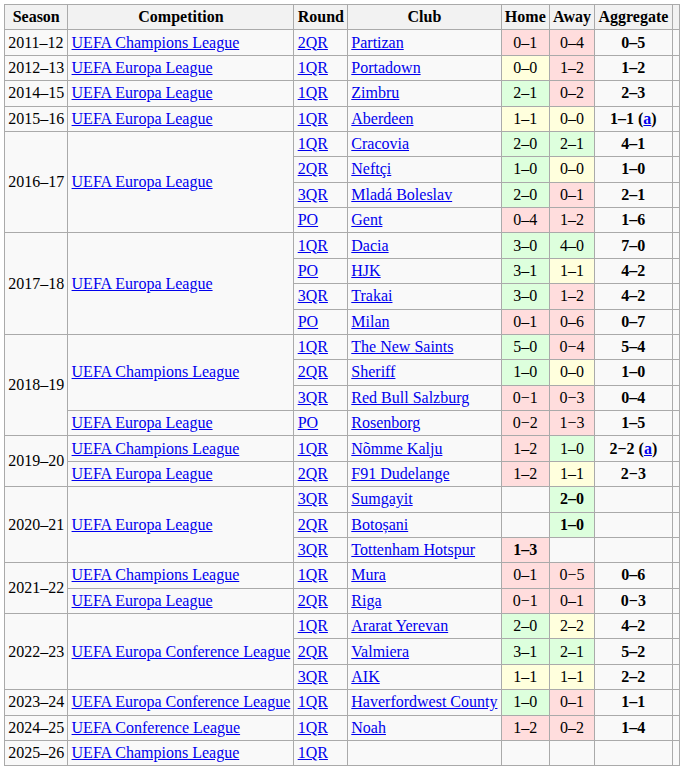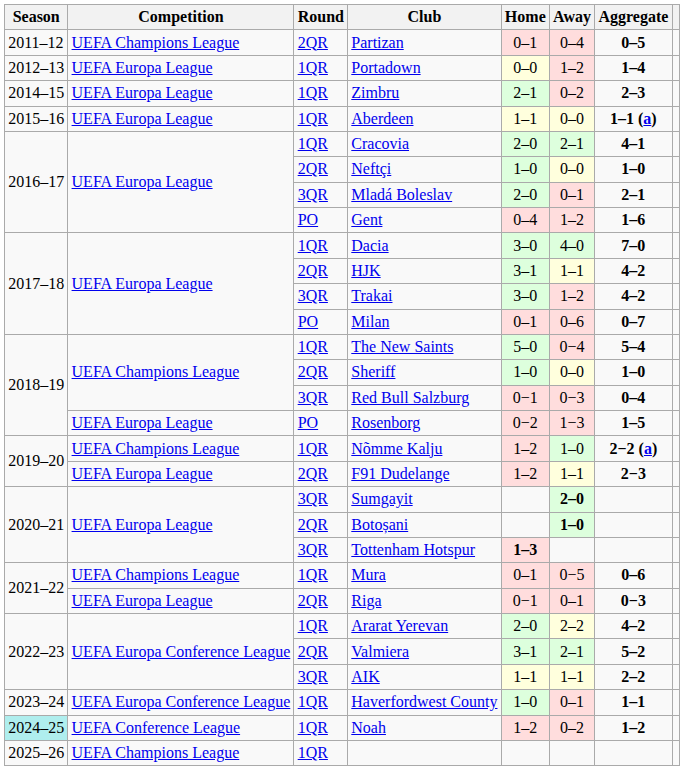 <table class="wikitable">
 <tr>
 <th>Season</th>
 <th>Competition</th>
 <th>Round</th>
 <th>Club</th>
 <th>Home</th>
 <th>Away</th>
 <th>Aggregate</th>
 <th></th>
 </tr>
 <tr>
 <td>2011–12</td>
 <td><a href='#'>UEFA Champions League</a></td>
 <td><a href='#'>2QR</a></td>
 <td> <a href='#'>Partizan</a></td>
 <td style="text-align:center; background:#fdd;">0–1</td>
 <td style="text-align:center; background:#fdd;">0–4</td>
 <td style="text-align:center;"><strong>0–5</strong></td>
 <td></td>
 </tr>
 <tr>
 <td>2012–13</td>
 <td><a href='#'>UEFA Europa League</a></td>
 <td><a href='#'>1QR</a></td>
 <td> <a href='#'>Portadown</a></td>
 <td style="text-align:center; background:#ffd;">0–0</td>
 <td style="text-align:center; background:#fdd;">1–2</td>
-<td style="text-align:center;"><strong>1–2</strong></td>
+<td style="text-align:center;"><strong>1–4</strong></td>
 <td></td>
 </tr>
 <tr>
 <td>2014–15</td>
 <td><a href='#'>UEFA Europa League</a></td>
 <td><a href='#'>1QR</a></td>
 <td> <a href='#'>Zimbru</a></td>
 <td style="text-align:center; background:#dfd;">2–1</td>
 <td style="text-align:center; background:#fdd;">0–2</td>
 <td style="text-align:center;"><strong>2–3</strong></td>
 <td></td>
 </tr>
 <tr>
 <td>2015–16</td>
 <td><a href='#'>UEFA Europa League</a></td>
 <td><a href='#'>1QR</a></td>
 <td> <a href='#'>Aberdeen</a></td>
 <td style="text-align:center; background:#ffd;">1–1</td>
 <td style="text-align:center; background:#ffd;">0–0</td>
 <td style="text-align:center;"><strong>1–1 (<a href='#'>a</a>)</strong></td>
 <td></td>
 </tr>
 <tr>
 <td rowspan="4">2016–17</td>
 <td rowspan="4"><a href='#'>UEFA Europa League</a></td>
 <td><a href='#'>1QR</a></td>
 <td> <a href='#'>Cracovia</a></td>
 <td style="text-align:center; background:#dfd;">2–0</td>
 <td style="text-align:center; background:#dfd;">2–1</td>
 <td style="text-align:center;"><strong>4–1</strong></td>
 <td></td>
 </tr>
 <tr>
 <td><a href='#'>2QR</a></td>
 <td> <a href='#'>Neftçi</a></td>
 <td style="text-align:center; background:#dfd;">1–0</td>
 <td style="text-align:center; background:#ffd;">0–0</td>
 <td style="text-align:center;"><strong>1–0</strong></td>
 <td></td>
 </tr>
 <tr>
 <td><a href='#'>3QR</a></td>
 <td> <a href='#'>Mladá Boleslav</a></td>
 <td style="text-align:center; background:#dfd;">2–0</td>
 <td style="text-align:center; background:#fdd;">0–1</td>
 <td style="text-align:center;"><strong>2–1</strong></td>
 <td></td>
 </tr>
 <tr>
 <td><a href='#'>PO</a></td>
 <td> <a href='#'>Gent</a></td>
 <td style="text-align:center; background:#fdd;">0–4</td>
 <td style="text-align:center; background:#fdd;">1–2</td>
 <td style="text-align:center;"><strong>1–6</strong></td>
 <td></td>
 </tr>
 <tr>
 <td rowspan="4">2017–18</td>
 <td rowspan="4"><a href='#'>UEFA Europa League</a></td>
 <td><a href='#'>1QR</a></td>
 <td> <a href='#'>Dacia</a></td>
 <td style="text-align:center; background:#dfd;">3–0</td>
 <td style="text-align:center; background:#dfd;">4–0</td>
 <td style="text-align:center;"><strong>7–0</strong></td>
 <td></td>
 </tr>
 <tr>
-<td><a href='#'>PO</a></td>
+<td><a href='#'>2QR</a></td>
 <td> <a href='#'>HJK</a></td>
 <td style="text-align:center; background:#dfd;">3–1</td>
 <td style="text-align:center; background:#ffd;">1–1</td>
 <td style="text-align:center;"><strong>4–2</strong></td>
 <td></td>
 </tr>
 <tr>
 <td><a href='#'>3QR</a></td>
 <td> <a href='#'>Trakai</a></td>
 <td style="text-align:center; background:#dfd;">3–0</td>
 <td style="text-align:center; background:#fdd;">1–2</td>
 <td style="text-align:center;"><strong>4–2</strong></td>
 <td></td>
 </tr>
 <tr>
 <td><a href='#'>PO</a></td>
 <td> <a href='#'>Milan</a></td>
 <td style="text-align:center; background:#fdd;">0–1</td>
 <td style="text-align:center; background:#fdd;">0–6</td>
 <td style="text-align:center;"><strong>0–7</strong></td>
 <td></td>
 </tr>
 <tr>
 <td rowspan="4">2018–19</td>
 <td rowspan="3"><a href='#'>UEFA Champions League</a></td>
 <td><a href='#'>1QR</a></td>
 <td> <a href='#'>The New Saints</a></td>
 <td style="text-align:center; background:#dfd;">5–0</td>
 <td style="text-align:center; background:#fdd;">0−4</td>
 <td style="text-align:center;"><strong>5–4</strong></td>
 <td></td>
 </tr>
 <tr>
 <td><a href='#'>2QR</a></td>
 <td> <a href='#'>Sheriff</a></td>
 <td style="text-align:center; background:#dfd;">1–0</td>
 <td style="text-align:center; background:#ffd;">0–0</td>
 <td style="text-align:center;"><strong>1–0</strong></td>
 <td></td>
 </tr>
 <tr>
 <td><a href='#'>3QR</a></td>
 <td> <a href='#'>Red Bull Salzburg</a></td>
 <td style="text-align:center; background:#fdd;">0−1</td>
 <td style="text-align:center; background:#fdd;">0−3</td>
 <td style="text-align:center;"><strong>0–4</strong></td>
 <td></td>
 </tr>
 <tr>
 <td><a href='#'>UEFA Europa League</a></td>
 <td><a href='#'>PO</a></td>
 <td> <a href='#'>Rosenborg</a></td>
 <td style="text-align:center; background:#fdd;">0−2</td>
 <td style="text-align:center; background:#fdd;">1−3</td>
 <td style="text-align:center;"><strong>1–5</strong></td>
 <td></td>
 </tr>
 <tr>
 <td rowspan="2">2019–20</td>
 <td><a href='#'>UEFA Champions League</a></td>
 <td><a href='#'>1QR</a></td>
 <td> <a href='#'>Nõmme Kalju</a></td>
 <td style="text-align:center; background:#fdd;">1–2</td>
 <td style="text-align:center; background:#dfd;">1–0</td>
 <td style="text-align:center;"><strong>2−2 (<a href='#'>a</a>)</strong></td>
 <td></td>
 </tr>
 <tr>
 <td><a href='#'>UEFA Europa League</a></td>
 <td><a href='#'>2QR</a></td>
 <td> <a href='#'>F91 Dudelange</a></td>
 <td style="text-align:center;; background:#fdd;">1–2</td>
 <td style="text-align:center; background:#ffd;">1–1</td>
 <td style="text-align:center;"><strong>2−3</strong></td>
 <td></td>
 </tr>
 <tr>
 <td rowspan="3">2020–21</td>
 <td rowspan="3"><a href='#'>UEFA Europa League</a></td>
 <td><a href='#'>3QR</a></td>
 <td> <a href='#'>Sumgayit</a></td>
 <td></td>
 <td style="text-align:center; background:#dfd;"><strong>2–0</strong></td>
 <td></td>
 <td></td>
 </tr>
 <tr>
 <td><a href='#'>2QR</a></td>
 <td> <a href='#'>Botoșani</a></td>
 <td></td>
 <td style="text-align:center; background:#dfd;"><strong>1–0</strong></td>
 <td></td>
 <td></td>
 </tr>
 <tr>
 <td><a href='#'>3QR</a></td>
 <td> <a href='#'>Tottenham Hotspur</a></td>
 <td style="text-align:center;; background:#fdd;"><strong>1–3</strong></td>
 <td></td>
 <td></td>
 <td></td>
 </tr>
 <tr>
 <td rowspan="2">2021–22</td>
 <td><a href='#'>UEFA Champions League</a></td>
 <td><a href='#'>1QR</a></td>
 <td> <a href='#'>Mura</a></td>
 <td style="text-align:center;; background:#fdd;">0–1</td>
 <td style="text-align:center;; background:#fdd;">0−5</td>
 <td style="text-align:center;"><strong>0–6</strong></td>
 <td></td>
 </tr>
 <tr>
 <td><a href='#'>UEFA Europa League</a></td>
 <td><a href='#'>2QR</a></td>
 <td> <a href='#'>Riga</a></td>
 <td style="text-align:center;; background:#fdd;">0−1</td>
 <td style="text-align:center; background:#fdd;">0–1</td>
 <td style="text-align:center;"><strong>0−3</strong></td>
 <td></td>
 </tr>
 <tr>
 <td rowspan="3">2022–23</td>
 <td rowspan="3"><a href='#'>UEFA Europa Conference League</a></td>
 <td><a href='#'>1QR</a></td>
 <td> <a href='#'>Ararat Yerevan</a></td>
 <td style="text-align:center; background:#dfd;">2–0</td>
 <td style="text-align:center; background:#ffd;">2–2</td>
 <td style="text-align:center;"><strong>4–2</strong></td>
 <td></td>
 </tr>
 <tr>
 <td><a href='#'>2QR</a></td>
 <td> <a href='#'>Valmiera</a></td>
 <td style="text-align:center; background:#dfd;">3–1</td>
 <td style="text-align:center; background:#dfd;">2–1</td>
 <td style="text-align:center;"><strong>5–2</strong></td>
 <td></td>
 </tr>
 <tr>
 <td><a href='#'>3QR</a></td>
 <td> <a href='#'>AIK</a></td>
 <td style="text-align:center; background:#ffd;">1–1 </td>
 <td style="text-align:center; background:#ffd;">1–1</td>
 <td style="text-align:center;"><strong>2–2</strong> </td>
 <td></td>
 </tr>
 <tr>
 <td>2023–24</td>
 <td><a href='#'>UEFA Europa Conference League</a></td>
 <td><a href='#'>1QR</a></td>
 <td> <a href='#'>Haverfordwest County</a></td>
 <td style="text-align:center; background:#dfd;">1–0</td>
 <td style="text-align:center;; background:#fdd;">0–1 </td>
 <td style="text-align:center;"><strong>1–1</strong> </td>
 <td></td>
 </tr>
 <tr>
-<td>2024–25</td>
+<td style="background: paleturquoise;">2024–25</td>
 <td><a href='#'>UEFA Conference League</a></td>
 <td><a href='#'>1QR</a></td>
 <td> <a href='#'>Noah</a></td>
 <td style="text-align:center;; background:#fdd;">1–2</td>
 <td style="text-align:center;; background:#fdd;">0–2</td>
-<td style="text-align:center;"><strong>1–4</strong></td>
+<td style="text-align:center;"><strong>1–2</strong></td>
 <td></td>
 </tr>
 <tr>
 <td>2025–26</td>
 <td><a href='#'>UEFA Champions League</a></td>
 <td><a href='#'>1QR</a></td>
 <td></td>
 <td style="text-align:center;;"></td>
 <td style="text-align:center;;"></td>
 <td style="text-align:center;"></td>
 <td></td>
 </tr>
 </table>
